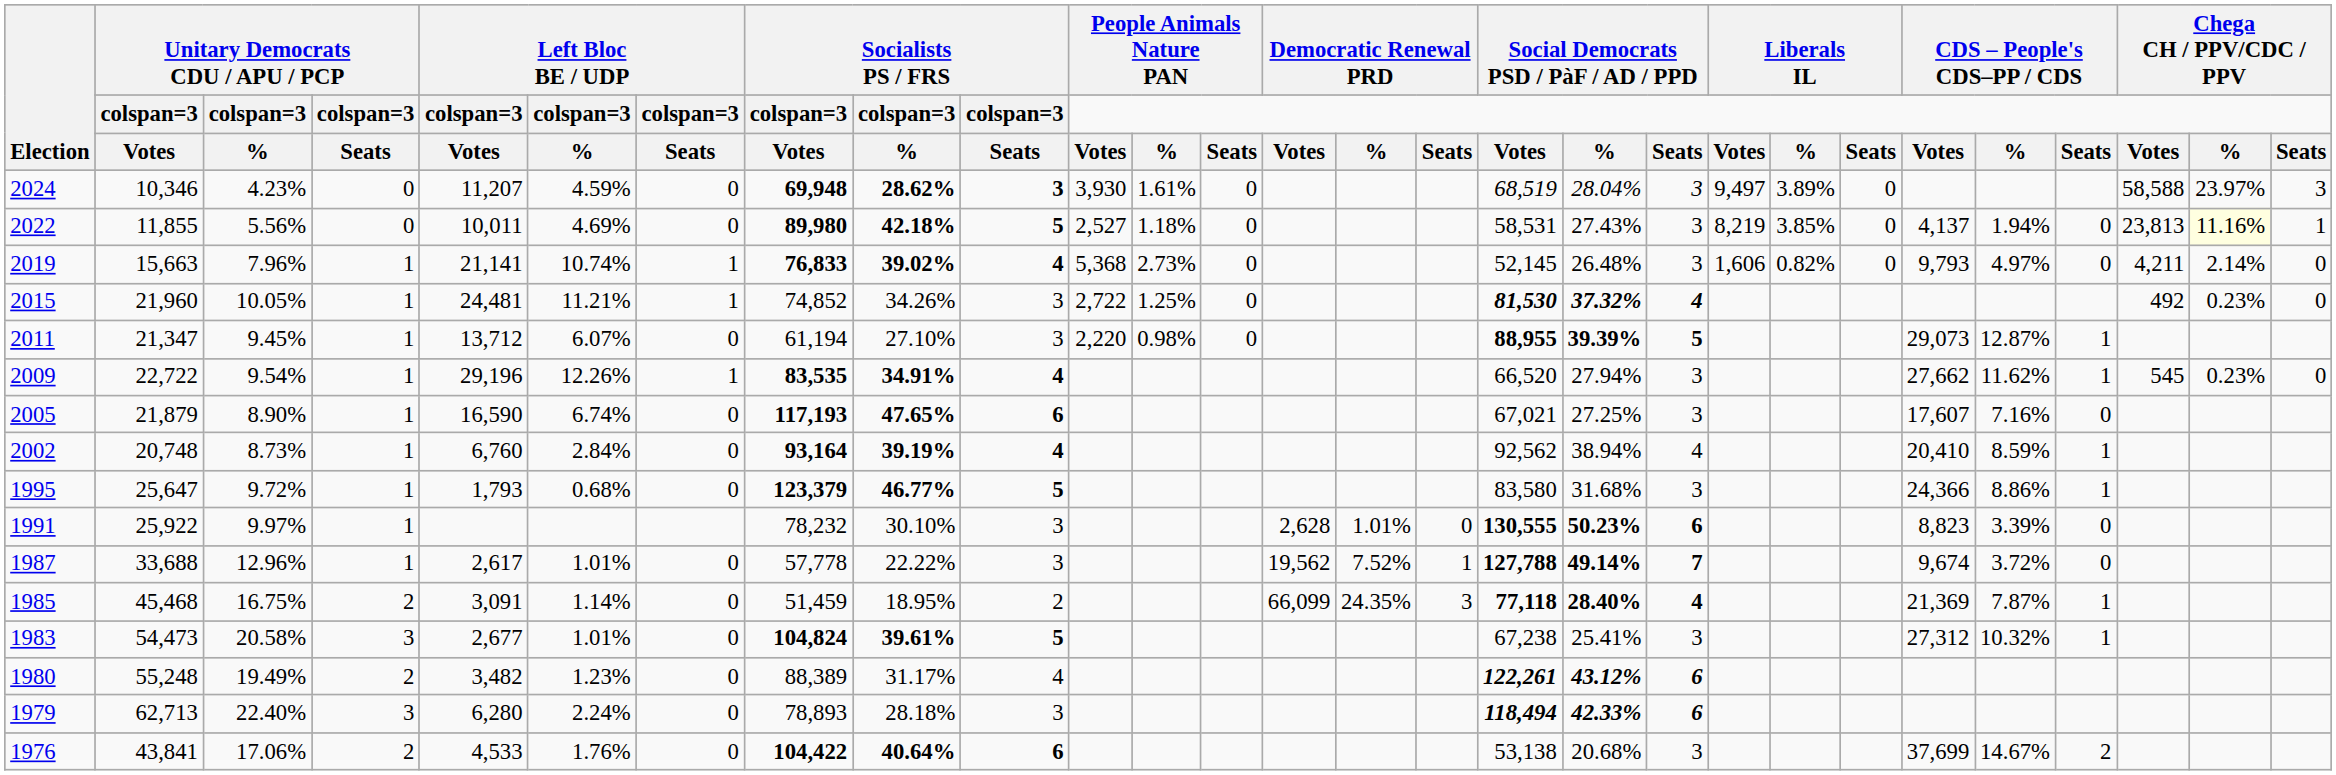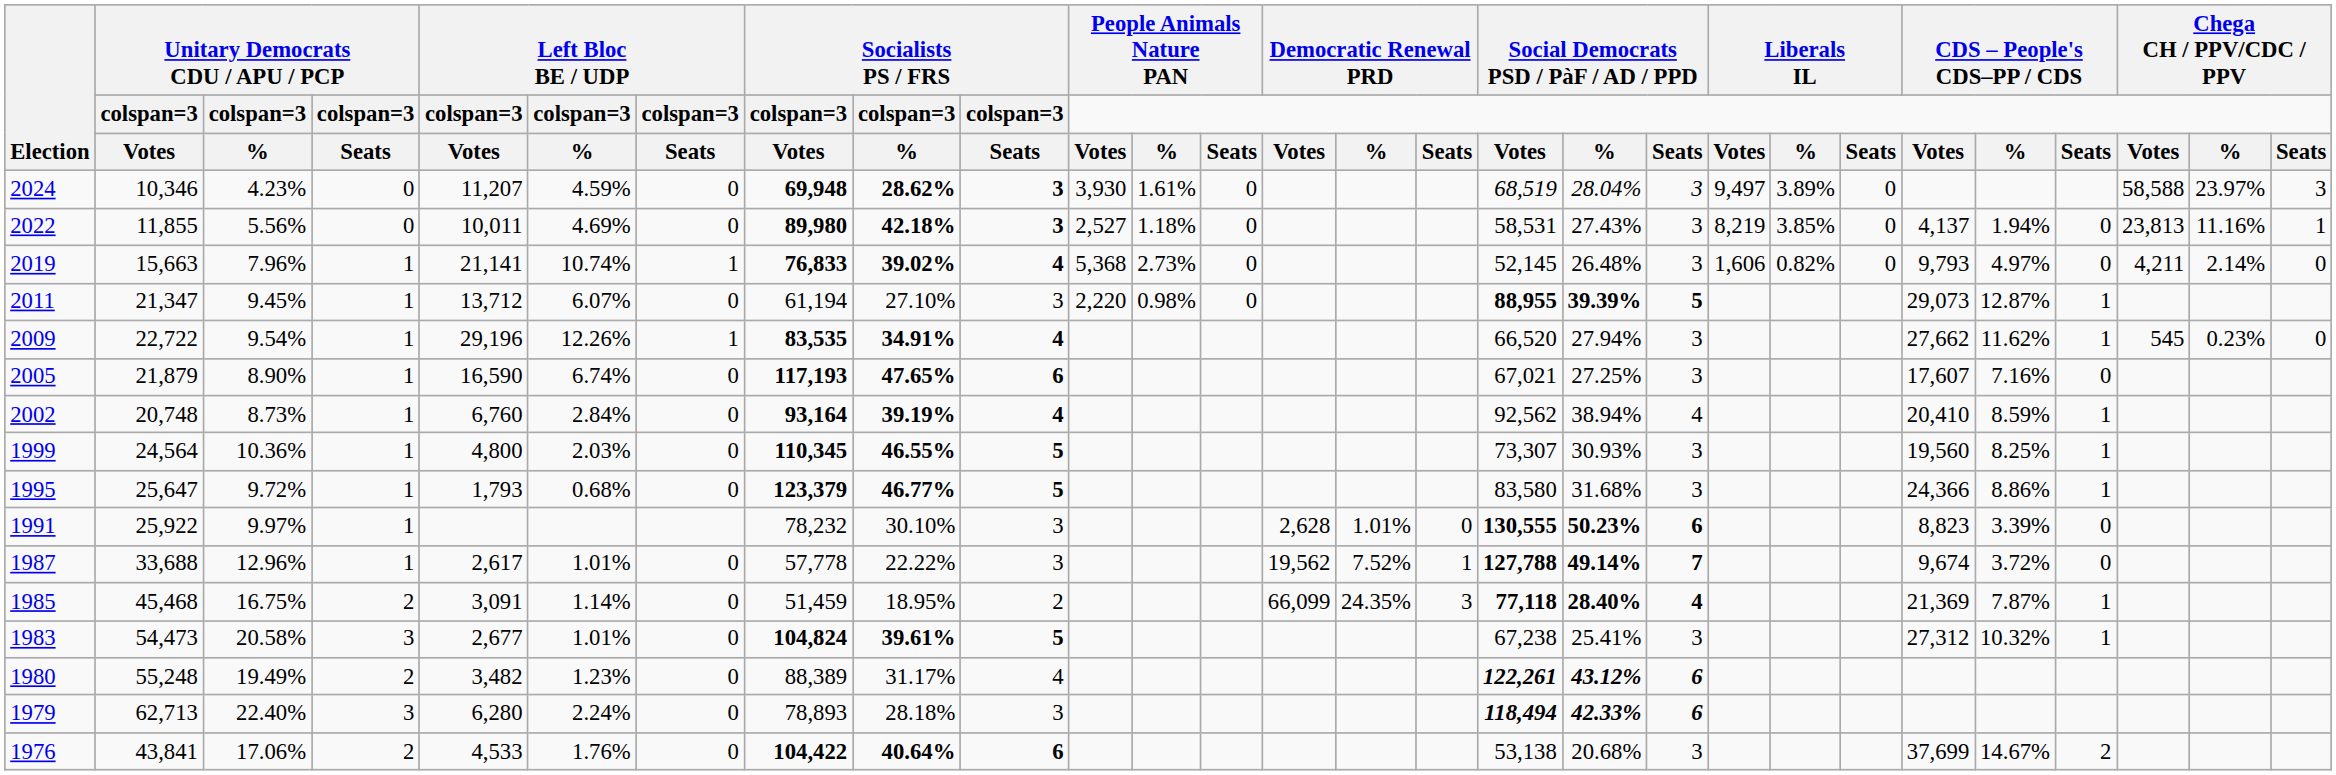 <table class="wikitable" border="1" style="font-size:85%; text-align:right;">
 <tr>
 <th style="text-align:left;" valign=bottom rowspan=3>Election</th>
 <th valign=bottom colspan=3><a href='#'>Unitary Democrats</a><br>CDU / APU / PCP</th>
 <th valign=bottom colspan=3><a href='#'>Left Bloc</a><br>BE / UDP</th>
 <th valign=bottom colspan=3><a href='#'>Socialists</a><br>PS / FRS</th>
 <th valign=bottom colspan=3><a href='#'>People Animals Nature</a><br>PAN</th>
 <th valign=bottom colspan=3><a href='#'>Democratic Renewal</a><br>PRD</th>
 <th valign=bottom colspan=3><a href='#'>Social Democrats</a><br>PSD / PàF / AD / PPD</th>
 <th valign=bottom colspan=3><a href='#'>Liberals</a><br>IL</th>
 <th valign=bottom colspan=3><a href='#'>CDS – People's</a><br>CDS–PP / CDS</th>
 <th valign=bottom colspan=3><a href='#'>Chega</a><br>CH / PPV/CDC / PPV</th>
 </tr>
 <tr>
 <th>colspan=3 </th>
 <th>colspan=3 </th>
 <th>colspan=3 </th>
 <th>colspan=3 </th>
 <th>colspan=3 </th>
 <th>colspan=3 </th>
 <th>colspan=3 </th>
 <th>colspan=3 </th>
 <th>colspan=3 </th>
 </tr>
 <tr>
 <th>Votes</th>
 <th>%</th>
 <th>Seats</th>
 <th>Votes</th>
 <th>%</th>
 <th>Seats</th>
 <th>Votes</th>
 <th>%</th>
 <th>Seats</th>
 <th>Votes</th>
 <th>%</th>
 <th>Seats</th>
 <th>Votes</th>
 <th>%</th>
 <th>Seats</th>
 <th>Votes</th>
 <th>%</th>
 <th>Seats</th>
 <th>Votes</th>
 <th>%</th>
 <th>Seats</th>
 <th>Votes</th>
 <th>%</th>
 <th>Seats</th>
 <th>Votes</th>
 <th>%</th>
 <th>Seats</th>
 </tr>
 <tr>
 <td align=left><a href='#'>2024</a></td>
 <td>10,346</td>
 <td>4.23%</td>
 <td>0</td>
 <td>11,207</td>
 <td>4.59%</td>
 <td>0</td>
 <td><strong>69,948</strong></td>
 <td><strong>28.62%</strong></td>
 <td><strong>3</strong></td>
 <td>3,930</td>
 <td>1.61%</td>
 <td>0</td>
 <td></td>
 <td></td>
 <td></td>
 <td><em>68,519</em></td>
 <td><em>28.04%</em></td>
 <td><em>3</em></td>
 <td>9,497</td>
 <td>3.89%</td>
 <td>0</td>
 <td></td>
 <td></td>
 <td></td>
 <td>58,588</td>
 <td>23.97%</td>
 <td>3</td>
 </tr>
 <tr>
 <td align=left><a href='#'>2022</a></td>
 <td>11,855</td>
 <td>5.56%</td>
 <td>0</td>
 <td>10,011</td>
 <td>4.69%</td>
 <td>0</td>
 <td><strong>89,980</strong></td>
 <td><strong>42.18%</strong></td>
-<td><strong>5</strong></td>
+<td><strong>3</strong></td>
 <td>2,527</td>
 <td>1.18%</td>
 <td>0</td>
 <td></td>
 <td></td>
 <td></td>
 <td>58,531</td>
 <td>27.43%</td>
 <td>3</td>
 <td>8,219</td>
 <td>3.85%</td>
 <td>0</td>
 <td>4,137</td>
 <td>1.94%</td>
 <td>0</td>
 <td>23,813</td>
-<td style="background: lightyellow;">11.16%</td>
+<td>11.16%</td>
 <td>1</td>
 </tr>
 <tr>
 <td align=left><a href='#'>2019</a></td>
 <td>15,663</td>
 <td>7.96%</td>
 <td>1</td>
 <td>21,141</td>
 <td>10.74%</td>
 <td>1</td>
 <td><strong>76,833</strong></td>
 <td><strong>39.02%</strong></td>
 <td><strong>4</strong></td>
 <td>5,368</td>
 <td>2.73%</td>
 <td>0</td>
 <td></td>
 <td></td>
 <td></td>
 <td>52,145</td>
 <td>26.48%</td>
 <td>3</td>
 <td>1,606</td>
 <td>0.82%</td>
 <td>0</td>
 <td>9,793</td>
 <td>4.97%</td>
 <td>0</td>
 <td>4,211</td>
 <td>2.14%</td>
-<td>0</td>
-</tr>
-<tr>
-<td align=left><a href='#'>2015</a></td>
-<td>21,960</td>
-<td>10.05%</td>
-<td>1</td>
-<td>24,481</td>
-<td>11.21%</td>
-<td>1</td>
-<td>74,852</td>
-<td>34.26%</td>
-<td>3</td>
-<td>2,722</td>
-<td>1.25%</td>
-<td>0</td>
-<td></td>
-<td></td>
-<td></td>
-<td><strong><em>81,530</em></strong></td>
-<td><strong><em>37.32%</em></strong></td>
-<td><strong><em>4</em></strong></td>
-<td></td>
-<td></td>
-<td></td>
-<td></td>
-<td></td>
-<td></td>
-<td>492</td>
-<td>0.23%</td>
 <td>0</td>
 </tr>
 <tr>
 <td align=left><a href='#'>2011</a></td>
 <td>21,347</td>
 <td>9.45%</td>
 <td>1</td>
 <td>13,712</td>
 <td>6.07%</td>
 <td>0</td>
 <td>61,194</td>
 <td>27.10%</td>
 <td>3</td>
 <td>2,220</td>
 <td>0.98%</td>
 <td>0</td>
 <td></td>
 <td></td>
 <td></td>
 <td><strong>88,955</strong></td>
 <td><strong>39.39%</strong></td>
 <td><strong>5</strong></td>
 <td></td>
 <td></td>
 <td></td>
 <td>29,073</td>
 <td>12.87%</td>
 <td>1</td>
 <td></td>
 <td></td>
 <td></td>
 </tr>
 <tr>
 <td align=left><a href='#'>2009</a></td>
 <td>22,722</td>
 <td>9.54%</td>
 <td>1</td>
 <td>29,196</td>
 <td>12.26%</td>
 <td>1</td>
 <td><strong>83,535</strong></td>
 <td><strong>34.91%</strong></td>
 <td><strong>4</strong></td>
 <td></td>
 <td></td>
 <td></td>
 <td></td>
 <td></td>
 <td></td>
 <td>66,520</td>
 <td>27.94%</td>
 <td>3</td>
 <td></td>
 <td></td>
 <td></td>
 <td>27,662</td>
 <td>11.62%</td>
 <td>1</td>
 <td>545</td>
 <td>0.23%</td>
 <td>0</td>
 </tr>
 <tr>
 <td align=left><a href='#'>2005</a></td>
 <td>21,879</td>
 <td>8.90%</td>
 <td>1</td>
 <td>16,590</td>
 <td>6.74%</td>
 <td>0</td>
 <td><strong>117,193</strong></td>
 <td><strong>47.65%</strong></td>
 <td><strong>6</strong></td>
 <td></td>
 <td></td>
 <td></td>
 <td></td>
 <td></td>
 <td></td>
 <td>67,021</td>
 <td>27.25%</td>
 <td>3</td>
 <td></td>
 <td></td>
 <td></td>
 <td>17,607</td>
 <td>7.16%</td>
 <td>0</td>
 <td></td>
 <td></td>
 <td></td>
 </tr>
 <tr>
 <td align=left><a href='#'>2002</a></td>
 <td>20,748</td>
 <td>8.73%</td>
 <td>1</td>
 <td>6,760</td>
 <td>2.84%</td>
 <td>0</td>
 <td><strong>93,164</strong></td>
 <td><strong>39.19%</strong></td>
 <td><strong>4</strong></td>
 <td></td>
 <td></td>
 <td></td>
 <td></td>
 <td></td>
 <td></td>
 <td>92,562</td>
 <td>38.94%</td>
 <td>4</td>
 <td></td>
 <td></td>
 <td></td>
 <td>20,410</td>
 <td>8.59%</td>
+<td>1</td>
+<td></td>
+<td></td>
+<td></td>
+</tr>
+<tr>
+<td align=left><a href='#'>1999</a></td>
+<td>24,564</td>
+<td>10.36%</td>
+<td>1</td>
+<td>4,800</td>
+<td>2.03%</td>
+<td>0</td>
+<td><strong>110,345</strong></td>
+<td><strong>46.55%</strong></td>
+<td><strong>5</strong></td>
+<td></td>
+<td></td>
+<td></td>
+<td></td>
+<td></td>
+<td></td>
+<td>73,307</td>
+<td>30.93%</td>
+<td>3</td>
+<td></td>
+<td></td>
+<td></td>
+<td>19,560</td>
+<td>8.25%</td>
 <td>1</td>
 <td></td>
 <td></td>
 <td></td>
 </tr>
 <tr>
 <td align=left><a href='#'>1995</a></td>
 <td>25,647</td>
 <td>9.72%</td>
 <td>1</td>
 <td>1,793</td>
 <td>0.68%</td>
 <td>0</td>
 <td><strong>123,379</strong></td>
 <td><strong>46.77%</strong></td>
 <td><strong>5</strong></td>
 <td></td>
 <td></td>
 <td></td>
 <td></td>
 <td></td>
 <td></td>
 <td>83,580</td>
 <td>31.68%</td>
 <td>3</td>
 <td></td>
 <td></td>
 <td></td>
 <td>24,366</td>
 <td>8.86%</td>
 <td>1</td>
 <td></td>
 <td></td>
 <td></td>
 </tr>
 <tr>
 <td align=left><a href='#'>1991</a></td>
 <td>25,922</td>
 <td>9.97%</td>
 <td>1</td>
 <td></td>
 <td></td>
 <td></td>
 <td>78,232</td>
 <td>30.10%</td>
 <td>3</td>
 <td></td>
 <td></td>
 <td></td>
 <td>2,628</td>
 <td>1.01%</td>
 <td>0</td>
 <td><strong>130,555</strong></td>
 <td><strong>50.23%</strong></td>
 <td><strong>6</strong></td>
 <td></td>
 <td></td>
 <td></td>
 <td>8,823</td>
 <td>3.39%</td>
 <td>0</td>
 <td></td>
 <td></td>
 <td></td>
 </tr>
 <tr>
 <td align=left><a href='#'>1987</a></td>
 <td>33,688</td>
 <td>12.96%</td>
 <td>1</td>
 <td>2,617</td>
 <td>1.01%</td>
 <td>0</td>
 <td>57,778</td>
 <td>22.22%</td>
 <td>3</td>
 <td></td>
 <td></td>
 <td></td>
 <td>19,562</td>
 <td>7.52%</td>
 <td>1</td>
 <td><strong>127,788</strong></td>
 <td><strong>49.14%</strong></td>
 <td><strong>7</strong></td>
 <td></td>
 <td></td>
 <td></td>
 <td>9,674</td>
 <td>3.72%</td>
 <td>0</td>
 <td></td>
 <td></td>
 <td></td>
 </tr>
 <tr>
 <td align=left><a href='#'>1985</a></td>
 <td>45,468</td>
 <td>16.75%</td>
 <td>2</td>
 <td>3,091</td>
 <td>1.14%</td>
 <td>0</td>
 <td>51,459</td>
 <td>18.95%</td>
 <td>2</td>
 <td></td>
 <td></td>
 <td></td>
 <td>66,099</td>
 <td>24.35%</td>
 <td>3</td>
 <td><strong>77,118</strong></td>
 <td><strong>28.40%</strong></td>
 <td><strong>4</strong></td>
 <td></td>
 <td></td>
 <td></td>
 <td>21,369</td>
 <td>7.87%</td>
 <td>1</td>
 <td></td>
 <td></td>
 <td></td>
 </tr>
 <tr>
 <td align=left><a href='#'>1983</a></td>
 <td>54,473</td>
 <td>20.58%</td>
 <td>3</td>
 <td>2,677</td>
 <td>1.01%</td>
 <td>0</td>
 <td><strong>104,824</strong></td>
 <td><strong>39.61%</strong></td>
 <td><strong>5</strong></td>
 <td></td>
 <td></td>
 <td></td>
 <td></td>
 <td></td>
 <td></td>
 <td>67,238</td>
 <td>25.41%</td>
 <td>3</td>
 <td></td>
 <td></td>
 <td></td>
 <td>27,312</td>
 <td>10.32%</td>
 <td>1</td>
 <td></td>
 <td></td>
 <td></td>
 </tr>
 <tr>
 <td align=left><a href='#'>1980</a></td>
 <td>55,248</td>
 <td>19.49%</td>
 <td>2</td>
 <td>3,482</td>
 <td>1.23%</td>
 <td>0</td>
 <td>88,389</td>
 <td>31.17%</td>
 <td>4</td>
 <td></td>
 <td></td>
 <td></td>
 <td></td>
 <td></td>
 <td></td>
 <td><strong><em>122,261</em></strong></td>
 <td><strong><em>43.12%</em></strong></td>
 <td><strong><em>6</em></strong></td>
 <td></td>
 <td></td>
 <td></td>
 <td></td>
 <td></td>
 <td></td>
 <td></td>
 <td></td>
 <td></td>
 </tr>
 <tr>
 <td align=left><a href='#'>1979</a></td>
 <td>62,713</td>
 <td>22.40%</td>
 <td>3</td>
 <td>6,280</td>
 <td>2.24%</td>
 <td>0</td>
 <td>78,893</td>
 <td>28.18%</td>
 <td>3</td>
 <td></td>
 <td></td>
 <td></td>
 <td></td>
 <td></td>
 <td></td>
 <td><strong><em>118,494</em></strong></td>
 <td><strong><em>42.33%</em></strong></td>
 <td><strong><em>6</em></strong></td>
 <td></td>
 <td></td>
 <td></td>
 <td></td>
 <td></td>
 <td></td>
 <td></td>
 <td></td>
 <td></td>
 </tr>
 <tr>
 <td align=left><a href='#'>1976</a></td>
 <td>43,841</td>
 <td>17.06%</td>
 <td>2</td>
 <td>4,533</td>
 <td>1.76%</td>
 <td>0</td>
 <td><strong>104,422</strong></td>
 <td><strong>40.64%</strong></td>
 <td><strong>6</strong></td>
 <td></td>
 <td></td>
 <td></td>
 <td></td>
 <td></td>
 <td></td>
 <td>53,138</td>
 <td>20.68%</td>
 <td>3</td>
 <td></td>
 <td></td>
 <td></td>
 <td>37,699</td>
 <td>14.67%</td>
 <td>2</td>
 <td></td>
 <td></td>
 <td></td>
 </tr>
 </table>
